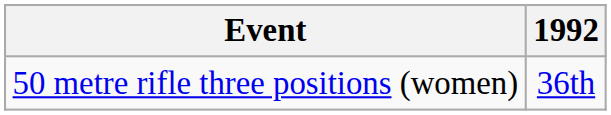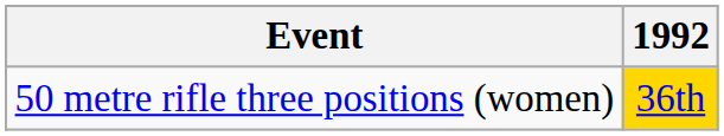 <table class="wikitable" style="text-align: center">
 <tr>
 <th>Event</th>
 <th>1992</th>
 </tr>
 <tr>
 <td align=left><a href='#'>50 metre rifle three positions</a> (women)</td>
-<td><a href='#'>36th</a></td>
+<td style="background: gold;"><a href='#'>36th</a></td>
 </tr>
 </table>
